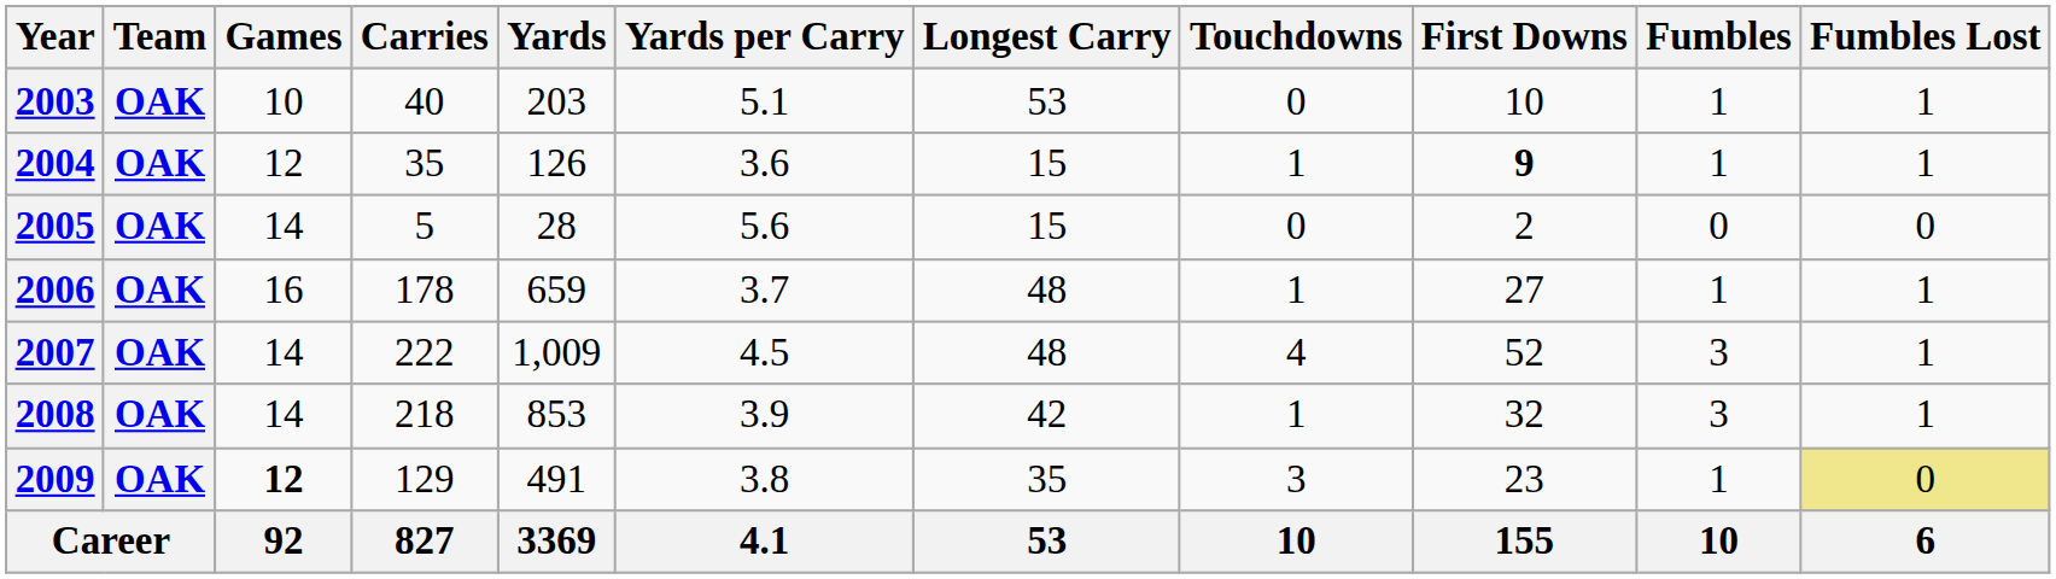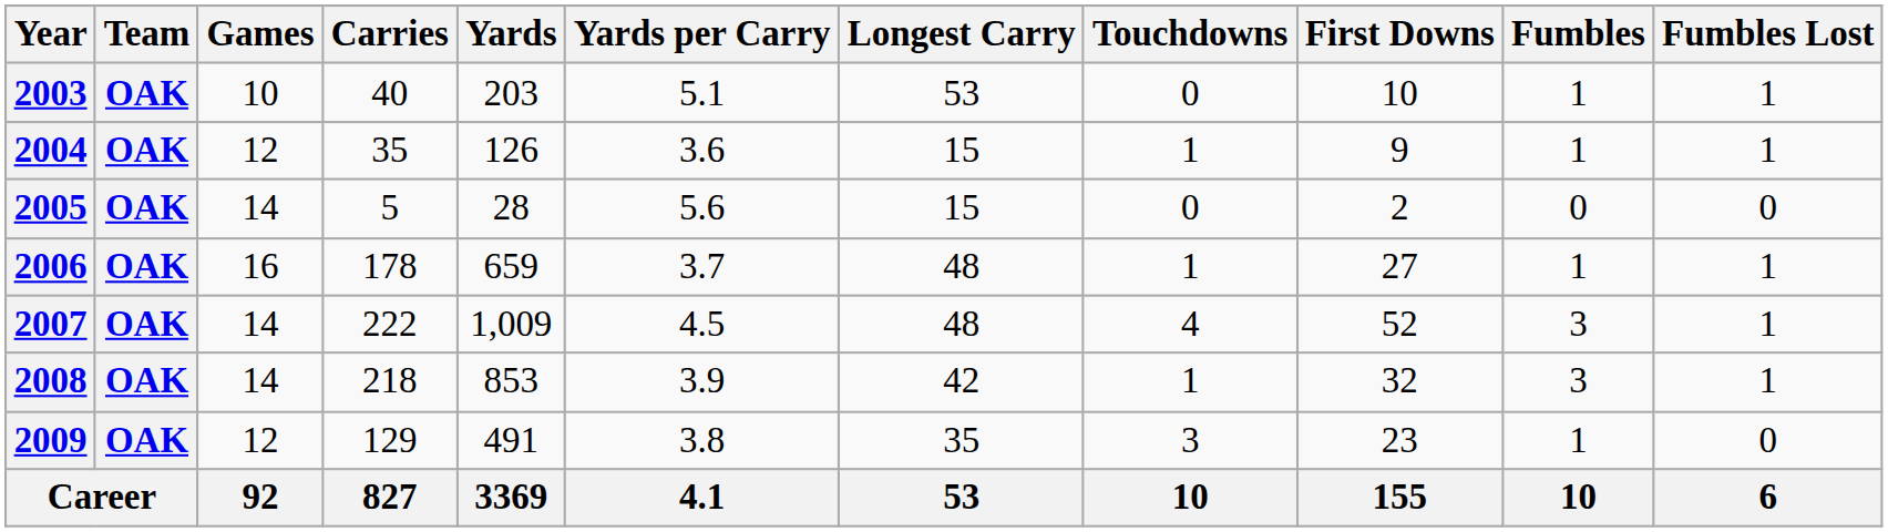 <table class="wikitable" style="text-align: center;">
 <tr>
 <th>Year</th>
 <th>Team</th>
 <th>Games</th>
 <th>Carries</th>
 <th>Yards</th>
 <th>Yards per Carry</th>
 <th>Longest Carry</th>
 <th>Touchdowns</th>
 <th>First Downs</th>
 <th>Fumbles</th>
 <th>Fumbles Lost</th>
 </tr>
 <tr>
 <th><a href='#'>2003</a></th>
 <th><a href='#'>OAK</a></th>
 <td>10</td>
 <td>40</td>
 <td>203</td>
 <td>5.1</td>
 <td>53</td>
 <td>0</td>
 <td>10</td>
 <td>1</td>
 <td>1</td>
 </tr>
 <tr>
 <th><a href='#'>2004</a></th>
 <th><a href='#'>OAK</a></th>
 <td>12</td>
 <td>35</td>
 <td>126</td>
 <td>3.6</td>
 <td>15</td>
 <td>1</td>
-<td><strong>9</strong></td>
+<td>9</td>
 <td>1</td>
 <td>1</td>
 </tr>
 <tr>
 <th><a href='#'>2005</a></th>
 <th><a href='#'>OAK</a></th>
 <td>14</td>
 <td>5</td>
 <td>28</td>
 <td>5.6</td>
 <td>15</td>
 <td>0</td>
 <td>2</td>
 <td>0</td>
 <td>0</td>
 </tr>
 <tr>
 <th><a href='#'>2006</a></th>
 <th><a href='#'>OAK</a></th>
 <td>16</td>
 <td>178</td>
 <td>659</td>
 <td>3.7</td>
 <td>48</td>
 <td>1</td>
 <td>27</td>
 <td>1</td>
 <td>1</td>
 </tr>
 <tr>
 <th><a href='#'>2007</a></th>
 <th><a href='#'>OAK</a></th>
 <td>14</td>
 <td>222</td>
 <td>1,009</td>
 <td>4.5</td>
 <td>48</td>
 <td>4</td>
 <td>52</td>
 <td>3</td>
 <td>1</td>
 </tr>
 <tr>
 <th><a href='#'>2008</a></th>
 <th><a href='#'>OAK</a></th>
 <td>14</td>
 <td>218</td>
 <td>853</td>
 <td>3.9</td>
 <td>42</td>
 <td>1</td>
 <td>32</td>
 <td>3</td>
 <td>1</td>
 </tr>
 <tr>
 <th><a href='#'>2009</a></th>
 <th><a href='#'>OAK</a></th>
-<td><strong>12</strong></td>
+<td>12</td>
 <td>129</td>
 <td>491</td>
 <td>3.8</td>
 <td>35</td>
 <td>3</td>
 <td>23</td>
 <td>1</td>
-<td style="background: khaki;">0</td>
+<td>0</td>
 </tr>
 <tr>
 <th colspan="2">Career</th>
 <th>92</th>
 <th>827</th>
 <th>3369</th>
 <th>4.1</th>
 <th>53</th>
 <th>10</th>
 <th>155</th>
 <th>10</th>
 <th>6</th>
 </tr>
 </table>
